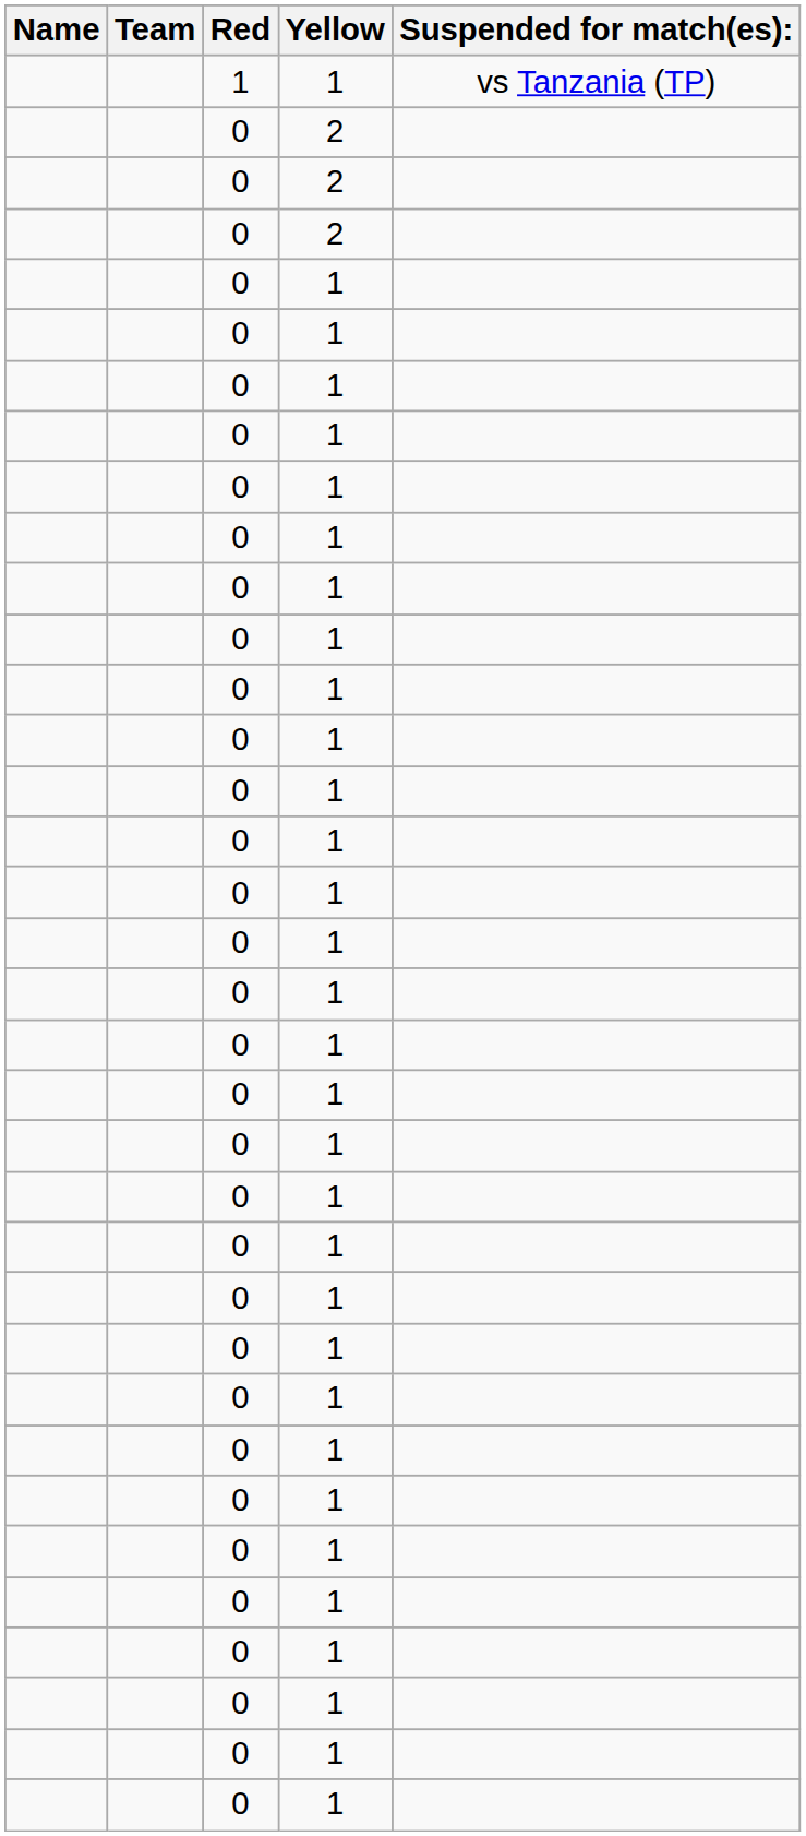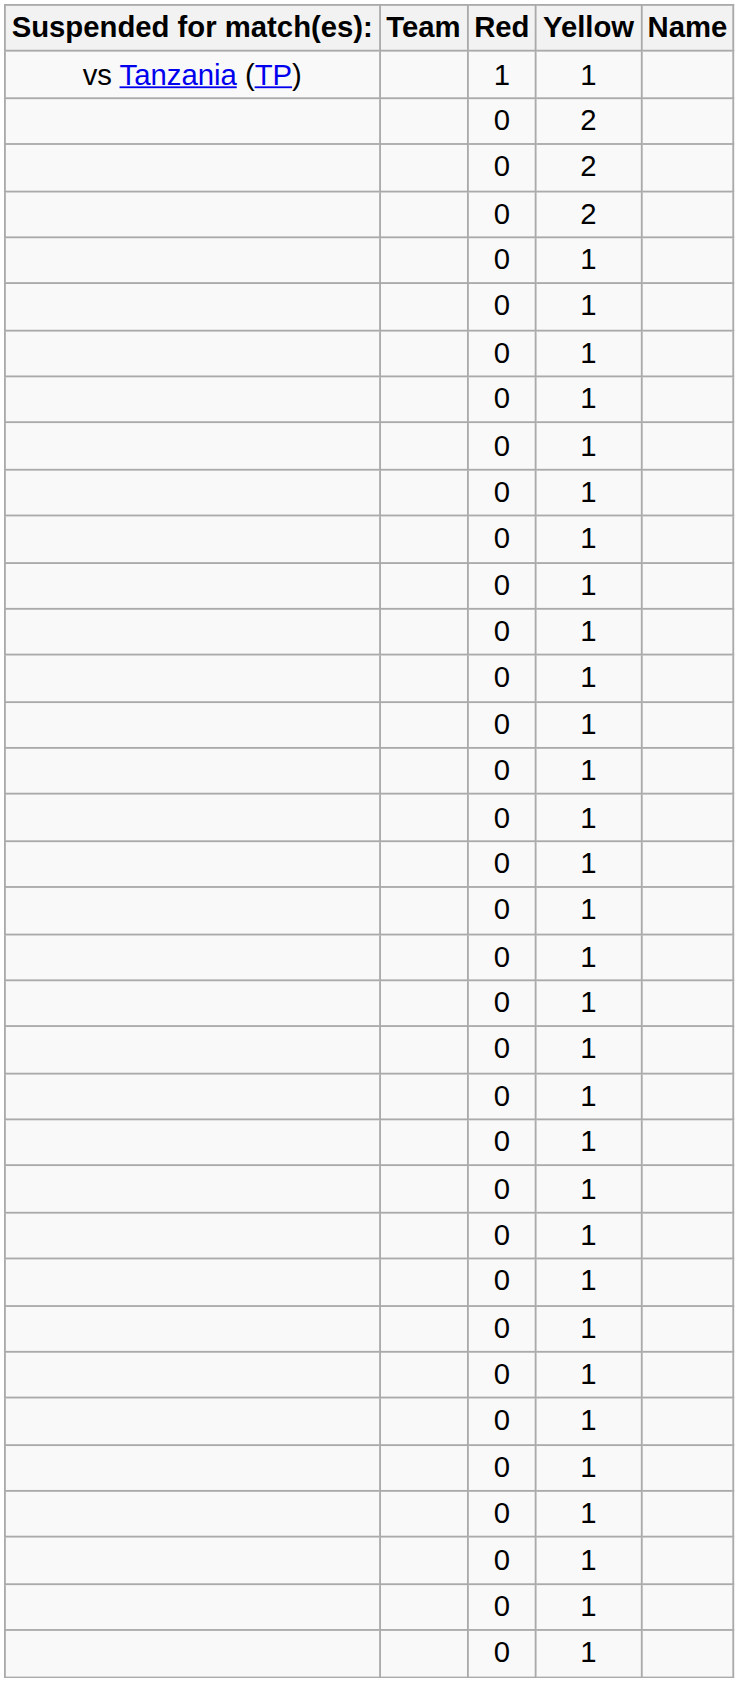 <table class="wikitable sortable" style="text-align:center;">
 <tr>
-<th>Name</th>
+<th>Suspended for match(es):</th>
 <th>Team</th>
 <th> Red</th>
 <th> Yellow</th>
-<th>Suspended for match(es):</th>
+<th>Name</th>
 </tr>
 <tr>
-<td style="text-align:left;"></td>
+<td>vs <a href='#'>Tanzania</a> (<a href='#'>TP</a>)</td>
 <td style="text-align:left;"></td>
 <td>1</td>
 <td>1</td>
-<td>vs <a href='#'>Tanzania</a> (<a href='#'>TP</a>)</td>
+<td style="text-align:left;"></td>
 </tr>
 <tr>
-<td style="text-align:left;"></td>
+<td></td>
 <td style="text-align:left;"></td>
 <td>0</td>
 <td>2</td>
-<td></td>
+<td style="text-align:left;"></td>
 </tr>
 <tr>
-<td style="text-align:left;"></td>
+<td></td>
 <td style="text-align:left;"></td>
 <td>0</td>
 <td>2</td>
-<td></td>
+<td style="text-align:left;"></td>
 </tr>
 <tr>
-<td style="text-align:left;"></td>
+<td></td>
 <td style="text-align:left;"></td>
 <td>0</td>
 <td>2</td>
-<td></td>
+<td style="text-align:left;"></td>
 </tr>
 <tr>
-<td style="text-align:left;"></td>
+<td></td>
 <td style="text-align:left;"></td>
 <td>0</td>
 <td>1</td>
-<td></td>
+<td style="text-align:left;"></td>
 </tr>
 <tr>
-<td style="text-align:left;"></td>
+<td></td>
 <td style="text-align:left;"></td>
 <td>0</td>
 <td>1</td>
-<td></td>
+<td style="text-align:left;"></td>
 </tr>
 <tr>
-<td style="text-align:left;"></td>
+<td></td>
 <td style="text-align:left;"></td>
 <td>0</td>
 <td>1</td>
-<td></td>
+<td style="text-align:left;"></td>
 </tr>
 <tr>
-<td style="text-align:left;"></td>
+<td></td>
 <td style="text-align:left;"></td>
 <td>0</td>
 <td>1</td>
-<td></td>
+<td style="text-align:left;"></td>
 </tr>
 <tr>
-<td style="text-align:left;"></td>
+<td></td>
 <td style="text-align:left;"></td>
 <td>0</td>
 <td>1</td>
-<td></td>
+<td style="text-align:left;"></td>
 </tr>
 <tr>
-<td style="text-align:left;"></td>
+<td></td>
 <td style="text-align:left;"></td>
 <td>0</td>
 <td>1</td>
-<td></td>
+<td style="text-align:left;"></td>
 </tr>
 <tr>
-<td style="text-align:left;"></td>
+<td></td>
 <td style="text-align:left;"></td>
 <td>0</td>
 <td>1</td>
-<td></td>
+<td style="text-align:left;"></td>
 </tr>
 <tr>
-<td style="text-align:left;"></td>
+<td></td>
 <td style="text-align:left;"></td>
 <td>0</td>
 <td>1</td>
-<td></td>
+<td style="text-align:left;"></td>
 </tr>
 <tr>
-<td style="text-align:left;"></td>
+<td></td>
 <td style="text-align:left;"></td>
 <td>0</td>
 <td>1</td>
-<td></td>
+<td style="text-align:left;"></td>
 </tr>
 <tr>
-<td style="text-align:left;"></td>
+<td></td>
 <td style="text-align:left;"></td>
 <td>0</td>
 <td>1</td>
-<td></td>
+<td style="text-align:left;"></td>
 </tr>
 <tr>
-<td style="text-align:left;"></td>
+<td></td>
 <td style="text-align:left;"></td>
 <td>0</td>
 <td>1</td>
-<td></td>
+<td style="text-align:left;"></td>
 </tr>
 <tr>
-<td style="text-align:left;"></td>
+<td></td>
 <td style="text-align:left;"></td>
 <td>0</td>
 <td>1</td>
-<td></td>
+<td style="text-align:left;"></td>
 </tr>
 <tr>
-<td style="text-align:left;"></td>
+<td></td>
 <td style="text-align:left;"></td>
 <td>0</td>
 <td>1</td>
-<td></td>
+<td style="text-align:left;"></td>
 </tr>
 <tr>
-<td style="text-align:left;"></td>
+<td></td>
 <td style="text-align:left;"></td>
 <td>0</td>
 <td>1</td>
-<td></td>
+<td style="text-align:left;"></td>
 </tr>
 <tr>
-<td style="text-align:left;"></td>
+<td></td>
 <td style="text-align:left;"></td>
 <td>0</td>
 <td>1</td>
-<td></td>
+<td style="text-align:left;"></td>
 </tr>
 <tr>
-<td style="text-align:left;"></td>
+<td></td>
 <td style="text-align:left;"></td>
 <td>0</td>
 <td>1</td>
-<td></td>
+<td style="text-align:left;"></td>
 </tr>
 <tr>
-<td style="text-align:left;"></td>
+<td></td>
 <td style="text-align:left;"></td>
 <td>0</td>
 <td>1</td>
-<td></td>
+<td style="text-align:left;"></td>
 </tr>
 <tr>
-<td style="text-align:left;"></td>
+<td></td>
 <td style="text-align:left;"></td>
 <td>0</td>
 <td>1</td>
-<td></td>
+<td style="text-align:left;"></td>
 </tr>
 <tr>
-<td style="text-align:left;"></td>
+<td></td>
 <td style="text-align:left;"></td>
 <td>0</td>
 <td>1</td>
-<td></td>
+<td style="text-align:left;"></td>
 </tr>
 <tr>
-<td style="text-align:left;"></td>
+<td></td>
 <td style="text-align:left;"></td>
 <td>0</td>
 <td>1</td>
-<td></td>
+<td style="text-align:left;"></td>
 </tr>
 <tr>
-<td style="text-align:left;"></td>
+<td></td>
 <td style="text-align:left;"></td>
 <td>0</td>
 <td>1</td>
-<td></td>
+<td style="text-align:left;"></td>
 </tr>
 <tr>
-<td style="text-align:left;"></td>
+<td></td>
 <td style="text-align:left;"></td>
 <td>0</td>
 <td>1</td>
-<td></td>
+<td style="text-align:left;"></td>
 </tr>
 <tr>
-<td style="text-align:left;"></td>
+<td></td>
 <td style="text-align:left;"></td>
 <td>0</td>
 <td>1</td>
-<td></td>
+<td style="text-align:left;"></td>
 </tr>
 <tr>
-<td style="text-align:left;"></td>
+<td></td>
 <td style="text-align:left;"></td>
 <td>0</td>
 <td>1</td>
-<td></td>
+<td style="text-align:left;"></td>
 </tr>
 <tr>
-<td style="text-align:left;"></td>
+<td></td>
 <td style="text-align:left;"></td>
 <td>0</td>
 <td>1</td>
-<td></td>
+<td style="text-align:left;"></td>
 </tr>
 <tr>
-<td style="text-align:left;"></td>
+<td></td>
 <td style="text-align:left;"></td>
 <td>0</td>
 <td>1</td>
-<td></td>
+<td style="text-align:left;"></td>
 </tr>
 <tr>
-<td style="text-align:left;"></td>
+<td></td>
 <td style="text-align:left;"></td>
 <td>0</td>
 <td>1</td>
-<td></td>
+<td style="text-align:left;"></td>
 </tr>
 <tr>
-<td style="text-align:left;"></td>
+<td></td>
 <td style="text-align:left;"></td>
 <td>0</td>
 <td>1</td>
-<td></td>
+<td style="text-align:left;"></td>
 </tr>
 <tr>
-<td style="text-align:left;"></td>
+<td></td>
 <td style="text-align:left;"></td>
 <td>0</td>
 <td>1</td>
-<td></td>
+<td style="text-align:left;"></td>
 </tr>
 <tr>
-<td style="text-align:left;"></td>
+<td></td>
 <td style="text-align:left;"></td>
 <td>0</td>
 <td>1</td>
-<td></td>
+<td style="text-align:left;"></td>
 </tr>
 <tr>
-<td style="text-align:left;"></td>
+<td></td>
 <td style="text-align:left;"></td>
 <td>0</td>
 <td>1</td>
-<td></td>
+<td style="text-align:left;"></td>
 </tr>
 </table>
